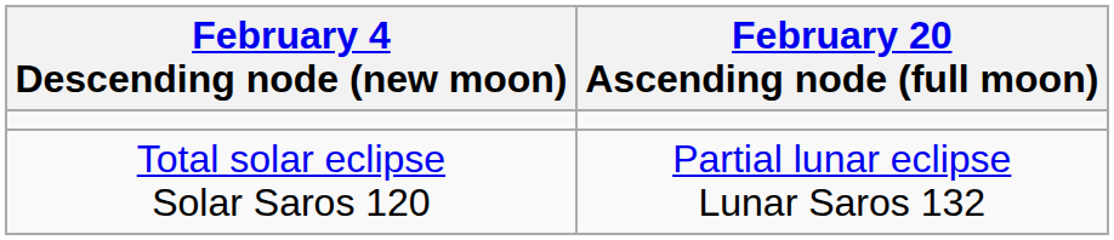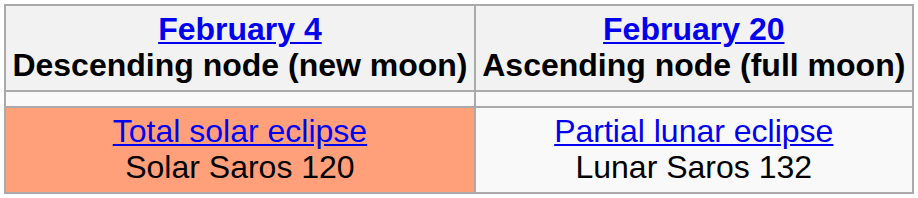 <table class="wikitable">
 <tr>
 <th><a href='#'>February 4</a><br>Descending node (new moon)</th>
 <th><a href='#'>February 20</a><br>Ascending node (full moon)</th>
 </tr>
 <tr>
 <td></td>
 <td></td>
 </tr>
 <tr align=center>
-<td><a href='#'>Total solar eclipse</a><br>Solar Saros 120</td>
+<td style="background: lightsalmon;"><a href='#'>Total solar eclipse</a><br>Solar Saros 120</td>
 <td><a href='#'>Partial lunar eclipse</a><br>Lunar Saros 132</td>
 </tr>
 </table>
